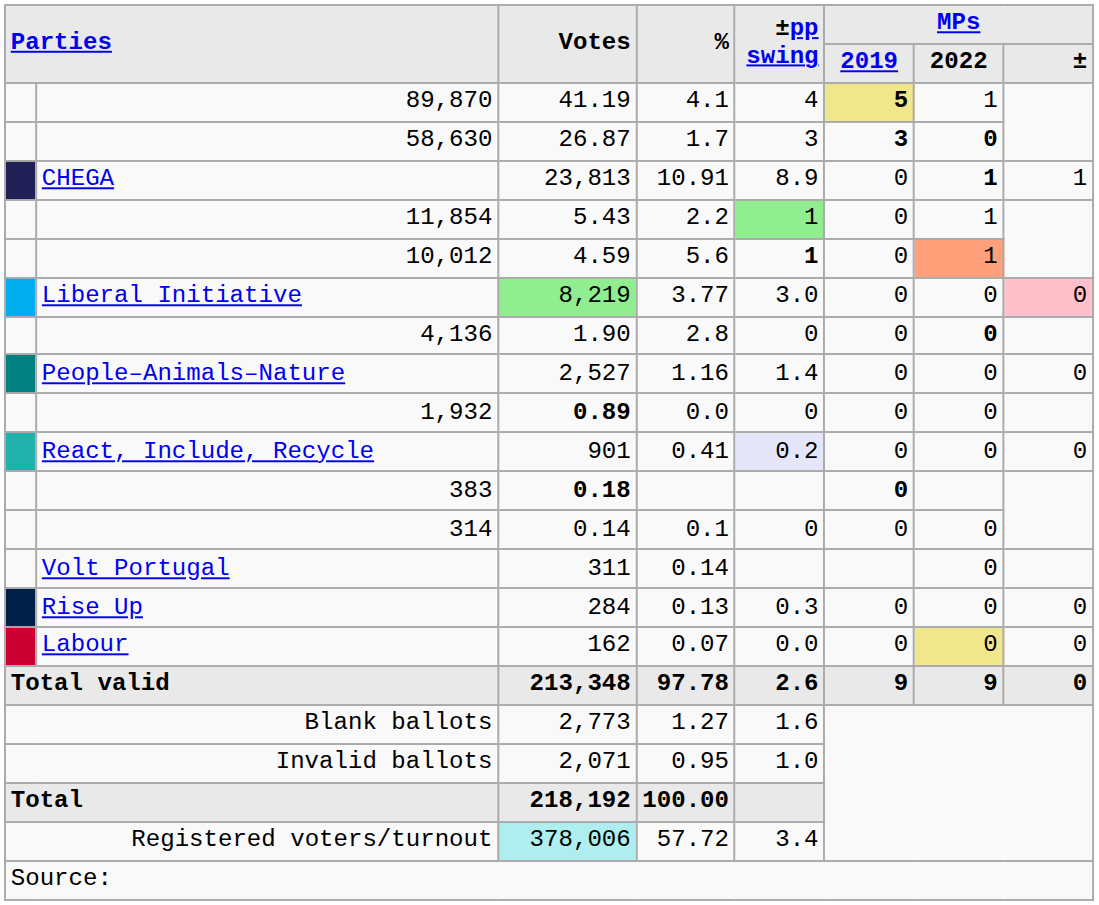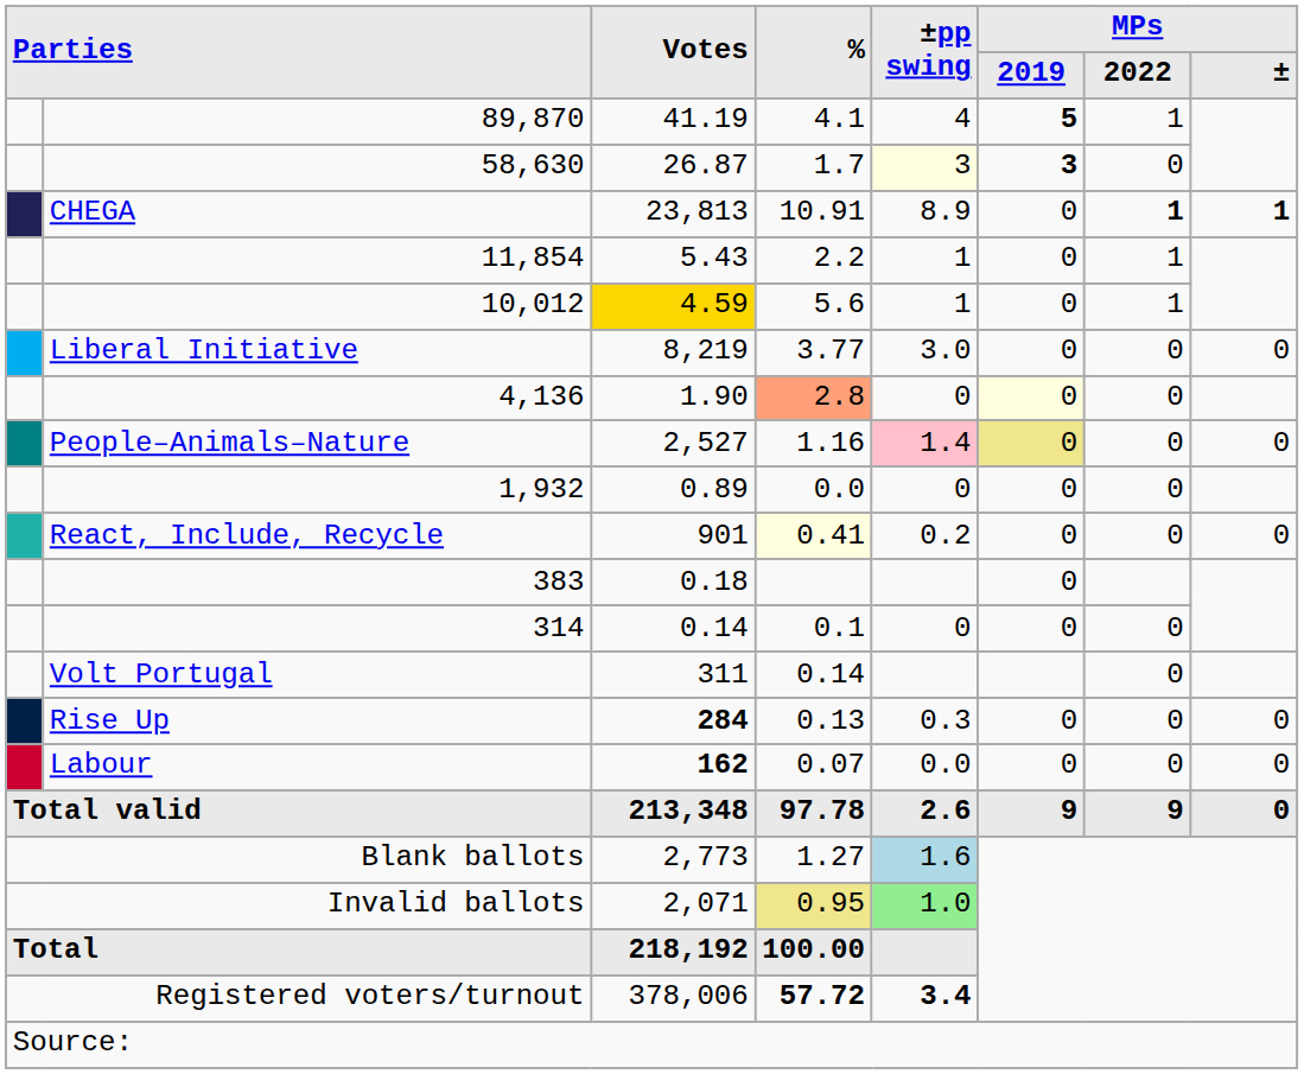 <table class="wikitable" style="text-align:right; font-size:95%;">
 <tr>
 <th rowspan="2" colspan="2" style="background:#e9e9e9; text-align:left;" alignleft><a href='#'>Parties</a></th>
 <th rowspan="2" style="background:#e9e9e9; text-align:right;">Votes</th>
 <th rowspan="2" style="background:#e9e9e9; text-align:right;">%</th>
 <th rowspan="2" style="background:#e9e9e9; text-align:right;">±<a href='#'>pp</a> <a href='#'>swing</a></th>
 <th colspan="3" style="background:#e9e9e9; text-align:center;"><a href='#'>MPs</a></th>
 </tr>
 <tr style="background-color:#E9E9E9">
 <th style="background-color:#E9E9E9;text-align:center;"><a href='#'>2019</a></th>
 <th style="background-color:#E9E9E9;text-align:center;">2022</th>
 <th style="background:#e9e9e9; text-align:right;">±</th>
 </tr>
 <tr>
 <td></td>
 <td>89,870</td>
 <td>41.19</td>
 <td>4.1</td>
 <td>4</td>
-<td style="background: khaki;"><strong>5</strong></td>
+<td><strong>5</strong></td>
 <td>1</td>
 </tr>
 <tr>
 <td></td>
 <td>58,630</td>
 <td>26.87</td>
 <td>1.7</td>
-<td>3</td>
+<td style="background: lightyellow;">3</td>
 <td><strong>3</strong></td>
-<td><strong>0</strong></td>
+<td>0</td>
 </tr>
 <tr>
 <td style="width: 10px" bgcolor="#202056" align="center"></td>
 <td align="left"><a href='#'>CHEGA</a></td>
 <td>23,813</td>
 <td>10.91</td>
 <td>8.9</td>
 <td>0</td>
 <td><strong>1</strong></td>
-<td>1</td>
+<td><strong>1</strong></td>
 </tr>
 <tr>
 <td></td>
 <td>11,854</td>
 <td>5.43</td>
 <td>2.2</td>
-<td style="background: lightgreen;">1</td>
+<td>1</td>
 <td>0</td>
 <td>1</td>
 </tr>
 <tr>
 <td></td>
 <td>10,012</td>
-<td>4.59</td>
+<td style="background: gold;">4.59</td>
 <td>5.6</td>
-<td><strong>1</strong></td>
+<td>1</td>
 <td>0</td>
-<td style="background: lightsalmon;">1</td>
+<td>1</td>
 </tr>
 <tr>
 <td style="width: 10px" bgcolor="#00ADEF" align="center"></td>
 <td align="left"><a href='#'>Liberal Initiative</a></td>
-<td style="background: lightgreen;">8,219</td>
+<td>8,219</td>
 <td>3.77</td>
 <td>3.0</td>
 <td>0</td>
 <td>0</td>
-<td style="background: pink;">0</td>
+<td>0</td>
 </tr>
 <tr>
 <td></td>
 <td>4,136</td>
 <td>1.90</td>
-<td>2.8</td>
+<td style="background: lightsalmon;">2.8</td>
 <td>0</td>
+<td style="background: lightyellow;">0</td>
 <td>0</td>
-<td><strong>0</strong></td>
 </tr>
 <tr>
 <td style="width: 10px" bgcolor="teal" align="center"></td>
 <td align="left"><a href='#'>People–Animals–Nature</a></td>
 <td>2,527</td>
 <td>1.16</td>
-<td>1.4</td>
-<td>0</td>
+<td style="background: pink;">1.4</td>
+<td style="background: khaki;">0</td>
 <td>0</td>
 <td>0</td>
 </tr>
 <tr>
 <td></td>
 <td>1,932</td>
-<td><strong>0.89</strong></td>
+<td>0.89</td>
 <td>0.0</td>
 <td>0</td>
 <td>0</td>
 <td>0</td>
 </tr>
 <tr>
 <td style="width: 10px" bgcolor="LightSeaGreen" align="center"></td>
 <td align="left"><a href='#'>React, Include, Recycle</a></td>
 <td>901</td>
-<td>0.41</td>
-<td style="background: lavender;">0.2</td>
+<td style="background: lightyellow;">0.41</td>
+<td>0.2</td>
 <td>0</td>
 <td>0</td>
 <td>0</td>
 </tr>
 <tr>
 <td></td>
 <td>383</td>
-<td><strong>0.18</strong></td>
+<td>0.18</td>
 <td></td>
 <td></td>
-<td><strong>0</strong></td>
+<td>0</td>
 <td></td>
 </tr>
 <tr>
 <td></td>
 <td>314</td>
 <td>0.14</td>
 <td>0.1</td>
 <td>0</td>
 <td>0</td>
 <td>0</td>
 </tr>
 <tr>
 <td style="width: 10px"></td>
 <td align="left"><a href='#'>Volt Portugal</a></td>
 <td>311</td>
 <td>0.14</td>
 <td></td>
 <td></td>
 <td>0</td>
 <td></td>
 </tr>
 <tr>
 <td style="width: 10px" bgcolor="#002147" align="center"></td>
 <td align="left"><a href='#'>Rise Up</a></td>
-<td>284</td>
+<td><strong>284</strong></td>
 <td>0.13</td>
 <td>0.3</td>
 <td>0</td>
 <td>0</td>
 <td>0</td>
 </tr>
 <tr>
 <td style="width: 10px" bgcolor="#CC0033" align="center"></td>
 <td align="left"><a href='#'>Labour</a></td>
-<td>162</td>
+<td><strong>162</strong></td>
 <td>0.07</td>
 <td>0.0</td>
 <td>0</td>
-<td style="background: khaki;">0</td>
+<td>0</td>
 <td>0</td>
 </tr>
 <tr>
 <td colspan=2 width="247" align=left style="background-color:#E9E9E9"><strong>Total valid</strong></td>
 <td width="65" align="right" style="background-color:#E9E9E9"><strong>213,348</strong></td>
 <td width="40" align="right" style="background-color:#E9E9E9"><strong>97.78</strong></td>
 <td width="40" align="right" style="background-color:#E9E9E9"><strong>2.6</strong></td>
 <td width="40" align="right" style="background-color:#E9E9E9"><strong>9</strong></td>
 <td width="40" align="right" style="background-color:#E9E9E9"><strong>9</strong></td>
 <td width="40" align="right" style="background-color:#E9E9E9"><strong>0</strong></td>
 </tr>
 <tr>
 <td colspan=2>Blank ballots</td>
 <td>2,773</td>
 <td>1.27</td>
-<td>1.6</td>
+<td style="background: lightblue;">1.6</td>
 <td colspan=4 rowspan=4></td>
 </tr>
 <tr>
 <td colspan=2>Invalid ballots</td>
 <td>2,071</td>
-<td>0.95</td>
-<td>1.0</td>
+<td style="background: khaki;">0.95</td>
+<td style="background: lightgreen;">1.0</td>
 </tr>
 <tr>
 <td colspan=2 align=left style="background-color:#E9E9E9"><strong>Total</strong></td>
 <td width="50" align="right" style="background-color:#E9E9E9"><strong>218,192</strong></td>
 <td width="40" align="right" style="background-color:#E9E9E9"><strong>100.00</strong></td>
 <td width="40" align="right" style="background-color:#E9E9E9"></td>
 </tr>
 <tr>
 <td colspan=2>Registered voters/turnout</td>
-<td style="background: paleturquoise;">378,006</td>
-<td>57.72</td>
-<td>3.4</td>
+<td>378,006</td>
+<td><strong>57.72</strong></td>
+<td><strong>3.4</strong></td>
 </tr>
 <tr>
 <td colspan=11 align=left>Source: </td>
 </tr>
 </table>
